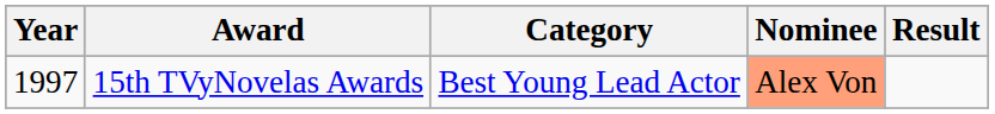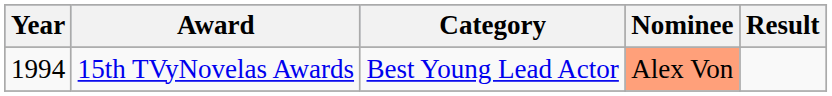 <table class="wikitable">
 <tr style="background:#b0c4de;">
 <th>Year</th>
 <th>Award</th>
 <th>Category</th>
 <th>Nominee</th>
 <th>Result</th>
 </tr>
 <tr>
-<td>1997</td>
+<td>1994</td>
 <td><a href='#'>15th TVyNovelas Awards</a></td>
 <td><a href='#'>Best Young Lead Actor</a></td>
 <td style="background: lightsalmon;">Alex Von</td>
 <td></td>
 </tr>
 </table>
